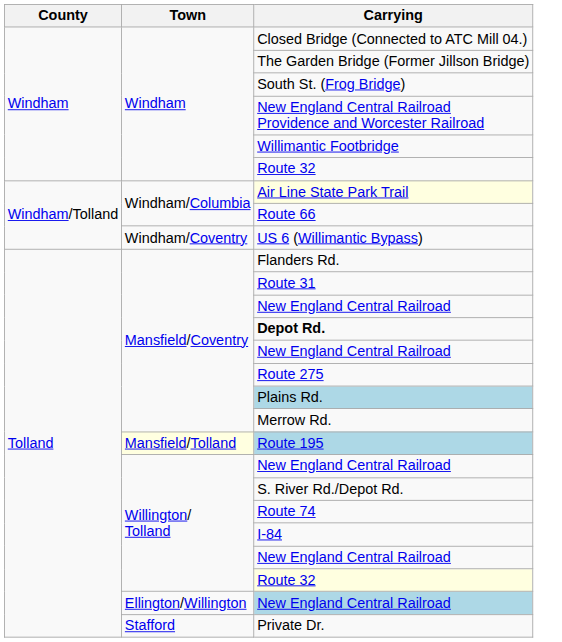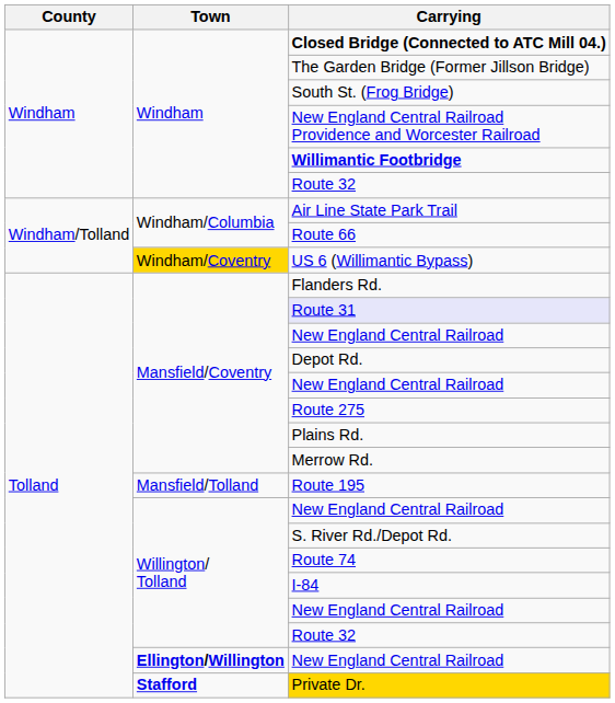 <table class="wikitable">
 <tr>
 <th>County</th>
 <th>Town</th>
 <th>Carrying</th>
 </tr>
 <tr>
 <td rowspan="6"><a href='#'>Windham</a></td>
 <td rowspan="6"><a href='#'>Windham</a></td>
-<td>Closed Bridge (Connected to ATC Mill 04.)</td>
+<td><strong>Closed Bridge (Connected to ATC Mill 04.)</strong></td>
 </tr>
 <tr>
 <td>The Garden Bridge (Former Jillson Bridge)</td>
 </tr>
 <tr>
 <td>South St. (<a href='#'>Frog Bridge</a>)</td>
 </tr>
 <tr>
 <td> <a href='#'>New England Central Railroad</a><br> <a href='#'>Providence and Worcester Railroad</a></td>
 </tr>
 <tr>
-<td><a href='#'>Willimantic Footbridge</a></td>
+<td><strong><a href='#'>Willimantic Footbridge</a></strong></td>
 </tr>
 <tr>
 <td> <a href='#'>Route 32</a></td>
 </tr>
 <tr>
 <td rowspan="3"><a href='#'>Windham</a>/Tolland</td>
 <td rowspan="2">Windham/<a href='#'>Columbia</a></td>
-<td style="background: lightyellow;"> <a href='#'>Air Line State Park Trail</a></td>
+<td> <a href='#'>Air Line State Park Trail</a></td>
 </tr>
 <tr>
 <td> <a href='#'>Route 66</a></td>
 </tr>
 <tr>
-<td>Windham/<a href='#'>Coventry</a></td>
+<td style="background: gold;">Windham/<a href='#'>Coventry</a></td>
 <td> <a href='#'>US 6</a> (<a href='#'>Willimantic Bypass</a>)</td>
 </tr>
 <tr>
 <td rowspan="17"><a href='#'>Tolland</a></td>
 <td rowspan="8"><a href='#'>Mansfield</a>/<a href='#'>Coventry</a></td>
 <td>Flanders Rd.</td>
 </tr>
 <tr>
-<td> <a href='#'>Route 31</a></td>
+<td style="background: lavender;"> <a href='#'>Route 31</a></td>
 </tr>
 <tr>
 <td> <a href='#'>New England Central Railroad</a></td>
 </tr>
 <tr>
-<td><strong>Depot Rd.</strong></td>
+<td>Depot Rd.</td>
 </tr>
 <tr>
 <td> <a href='#'>New England Central Railroad</a></td>
 </tr>
 <tr>
 <td> <a href='#'>Route 275</a></td>
 </tr>
 <tr>
-<td style="background: lightblue;">Plains Rd.</td>
+<td>Plains Rd.</td>
 </tr>
 <tr>
 <td>Merrow Rd.</td>
 </tr>
 <tr>
-<td style="background: lightyellow;"><a href='#'>Mansfield</a>/<a href='#'>Tolland</a></td>
-<td style="background: lightblue;"> <a href='#'>Route 195</a></td>
+<td><a href='#'>Mansfield</a>/<a href='#'>Tolland</a></td>
+<td> <a href='#'>Route 195</a></td>
 </tr>
 <tr>
 <td rowspan="6"><a href='#'>Willington</a>/<br><a href='#'>Tolland</a></td>
 <td> <a href='#'>New England Central Railroad</a></td>
 </tr>
 <tr>
 <td>S. River Rd./Depot Rd.</td>
 </tr>
 <tr>
 <td> <a href='#'>Route 74</a></td>
 </tr>
 <tr>
 <td> <a href='#'>I-84</a></td>
 </tr>
 <tr>
 <td> <a href='#'>New England Central Railroad</a></td>
 </tr>
 <tr>
-<td style="background: lightyellow;"> <a href='#'>Route 32</a></td>
+<td> <a href='#'>Route 32</a></td>
 </tr>
 <tr>
-<td><a href='#'>Ellington</a>/<a href='#'>Willington</a></td>
-<td style="background: lightblue;"> <a href='#'>New England Central Railroad</a></td>
+<td><strong><a href='#'>Ellington</a>/<a href='#'>Willington</a></strong></td>
+<td> <a href='#'>New England Central Railroad</a></td>
 </tr>
 <tr>
-<td><a href='#'>Stafford</a></td>
-<td> Private Dr.</td>
+<td><strong><a href='#'>Stafford</a></strong></td>
+<td style="background: gold;"> Private Dr.</td>
 </tr>
 </table>
